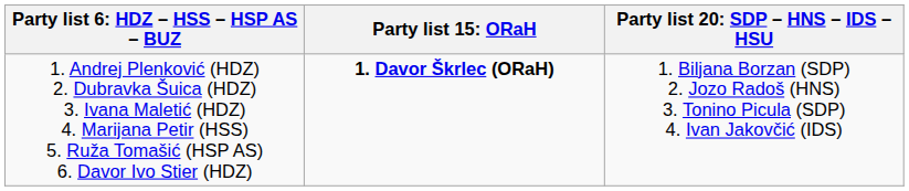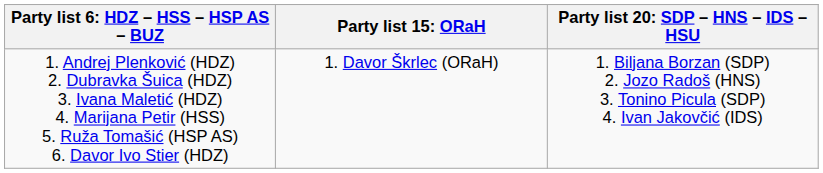 <table class="wikitable"  style="text-align:center;">
 <tr>
 <th>Party list 6: <a href='#'>HDZ</a> – <a href='#'>HSS</a> – <a href='#'>HSP AS</a> – <a href='#'>BUZ</a></th>
 <th>Party list 15: <a href='#'>ORaH</a></th>
 <th>Party list 20: <a href='#'>SDP</a> – <a href='#'>HNS</a> – <a href='#'>IDS</a> – <a href='#'>HSU</a></th>
 </tr>
 <tr>
 <td style="width:16em;" valign="top">1. <a href='#'>Andrej Plenković</a> (HDZ)<br>2. <a href='#'>Dubravka Šuica</a> (HDZ)<br>3.  <a href='#'>Ivana Maletić</a> (HDZ)<br>4. <a href='#'>Marijana Petir</a> (HSS)<br>5. <a href='#'>Ruža Tomašić</a> (HSP AS)<br>6. <a href='#'>Davor Ivo Stier</a> (HDZ)</td>
-<td style="width:16em;" valign="top"><strong>1. <a href='#'>Davor Škrlec</a> (ORaH)</strong></td>
+<td style="width:16em;" valign="top">1. <a href='#'>Davor Škrlec</a> (ORaH)</td>
 <td style="width:16em;" valign="top">1. <a href='#'>Biljana Borzan</a> (SDP) <br>2. <a href='#'>Jozo Radoš</a> (HNS)<br>3. <a href='#'>Tonino Picula</a> (SDP) <br>4. <a href='#'>Ivan Jakovčić</a> (IDS)</td>
 </tr>
 </table>
